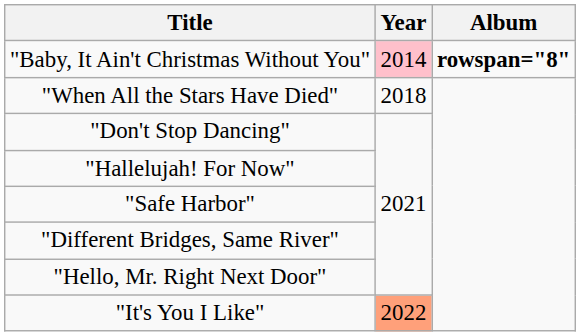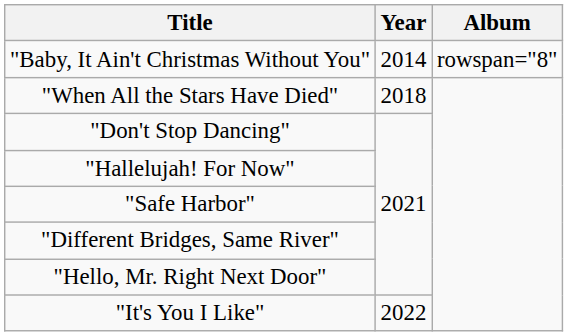 <table class="wikitable plainrowheaders" style="text-align:center;">
 <tr>
 <th>Title</th>
 <th>Year</th>
 <th>Album</th>
 </tr>
 <tr>
 <td scope="row">"Baby, It Ain't Christmas Without You"</td>
-<td style="background: pink;">2014</td>
-<td><strong>rowspan="8" </strong></td>
+<td>2014</td>
+<td>rowspan="8" </td>
 </tr>
 <tr>
 <td scope="row">"When All the Stars Have Died"</td>
 <td>2018</td>
 </tr>
 <tr>
 <td>"Don't Stop Dancing"</td>
 <td rowspan="5">2021</td>
 </tr>
 <tr>
 <td>"Hallelujah! For Now"</td>
 </tr>
 <tr>
 <td>"Safe Harbor"</td>
 </tr>
 <tr>
 <td>"Different Bridges, Same River"</td>
 </tr>
 <tr>
 <td>"Hello, Mr. Right Next Door"</td>
 </tr>
 <tr>
 <td>"It's You I Like"</td>
-<td style="background: lightsalmon;">2022</td>
+<td>2022</td>
 </tr>
 </table>
